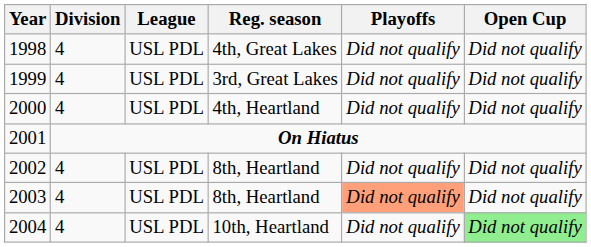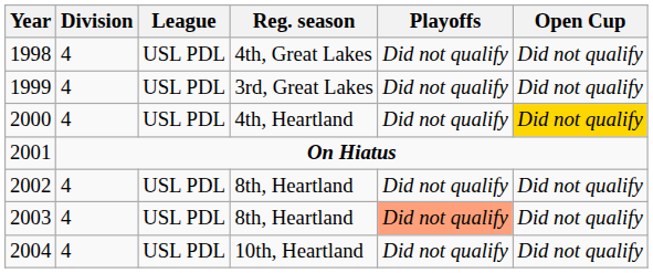 <table class="wikitable">
 <tr>
 <th>Year</th>
 <th>Division</th>
 <th>League</th>
 <th>Reg. season</th>
 <th>Playoffs</th>
 <th>Open Cup</th>
 </tr>
 <tr>
 <td>1998</td>
 <td>4</td>
 <td>USL PDL</td>
 <td>4th, Great Lakes</td>
 <td><em>Did not qualify</em></td>
 <td><em>Did not qualify</em></td>
 </tr>
 <tr>
 <td>1999</td>
 <td>4</td>
 <td>USL PDL</td>
 <td>3rd, Great Lakes</td>
 <td><em>Did not qualify</em></td>
 <td><em>Did not qualify</em></td>
 </tr>
 <tr>
 <td>2000</td>
 <td>4</td>
 <td>USL PDL</td>
 <td>4th, Heartland</td>
 <td><em>Did not qualify</em></td>
-<td><em>Did not qualify</em></td>
+<td style="background: gold;"><em>Did not qualify</em></td>
 </tr>
 <tr>
 <td>2001</td>
 <td rowspan=1 colspan=6 align=center><strong><em>On Hiatus</em></strong></td>
 </tr>
 <tr>
 <td>2002</td>
 <td>4</td>
 <td>USL PDL</td>
 <td>8th, Heartland</td>
 <td><em>Did not qualify</em></td>
 <td><em>Did not qualify</em></td>
 </tr>
 <tr>
 <td>2003</td>
 <td>4</td>
 <td>USL PDL</td>
 <td>8th, Heartland</td>
 <td style="background: lightsalmon;"><em>Did not qualify</em></td>
 <td><em>Did not qualify</em></td>
 </tr>
 <tr>
 <td>2004</td>
 <td>4</td>
 <td>USL PDL</td>
 <td>10th, Heartland</td>
 <td><em>Did not qualify</em></td>
-<td style="background: lightgreen;"><em>Did not qualify</em></td>
+<td><em>Did not qualify</em></td>
 </tr>
 </table>
